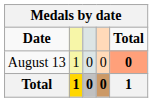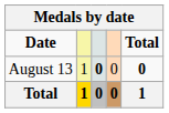 <table class="wikitable" style="font-size:85%">
 <tr bgcolor="#efefef">
 <th colspan=6>Medals by date</th>
 </tr>
 <tr align=center>
 <td><strong>Date</strong></td>
 <td bgcolor=#f7f6a8></td>
 <td bgcolor=#dce5e5></td>
 <td bgcolor=#ffdab9></td>
 <td><strong>Total</strong></td>
 </tr>
 <tr align=center>
 <td>August 13</td>
 <td style="background:#F7F6A8;">1</td>
-<td style="background:#DCE5E5;">0</td>
+<td style="background:#DCE5E5;"><strong>0</strong></td>
 <td style="background:#FFDAB9;">0</td>
-<td style="background: lightsalmon;"><strong>0</strong></td>
+<td><strong>0</strong></td>
 </tr>
 <tr align=center>
 <th>Total</th>
 <th style="background:gold;">1</th>
 <th style="background:silver;">0</th>
 <th style="background:#c96;">0</th>
 <th>1</th>
 </tr>
 </table>
